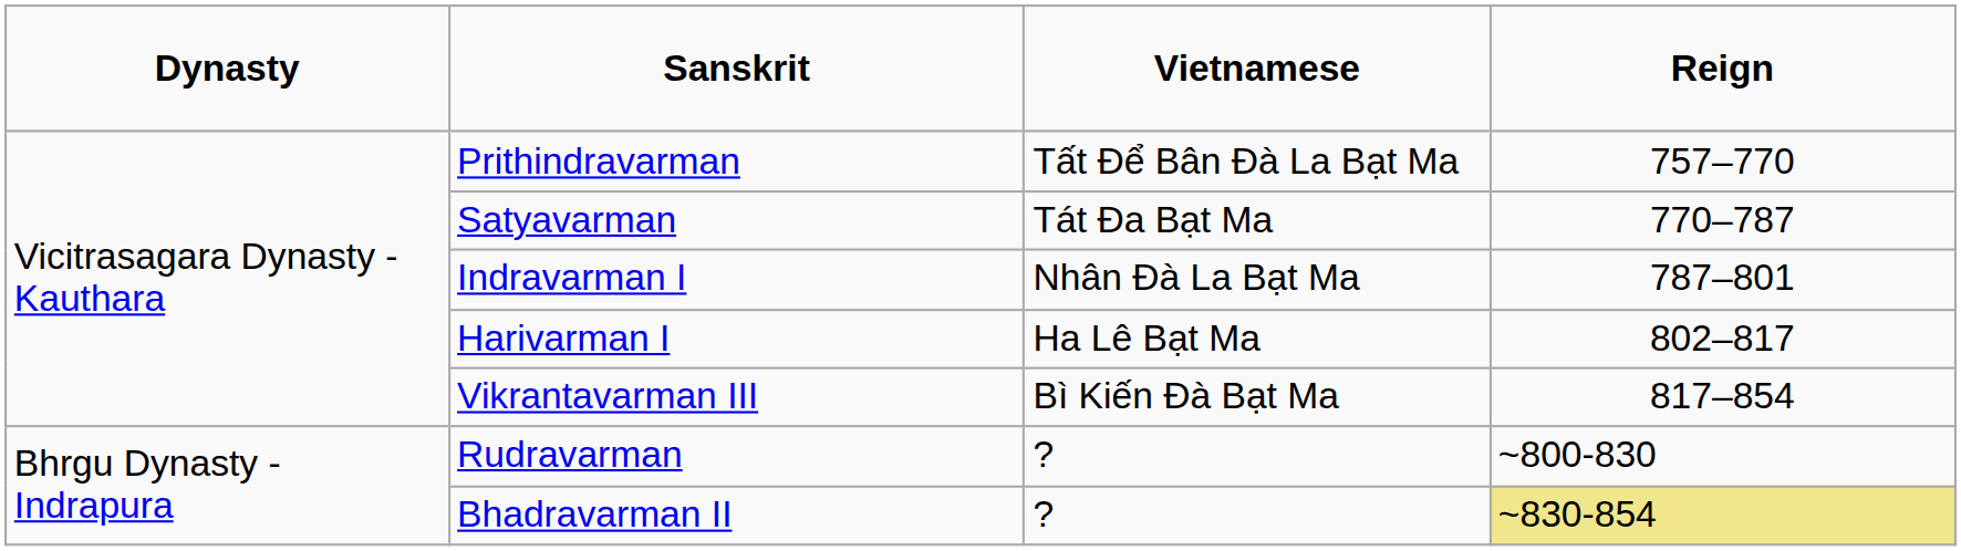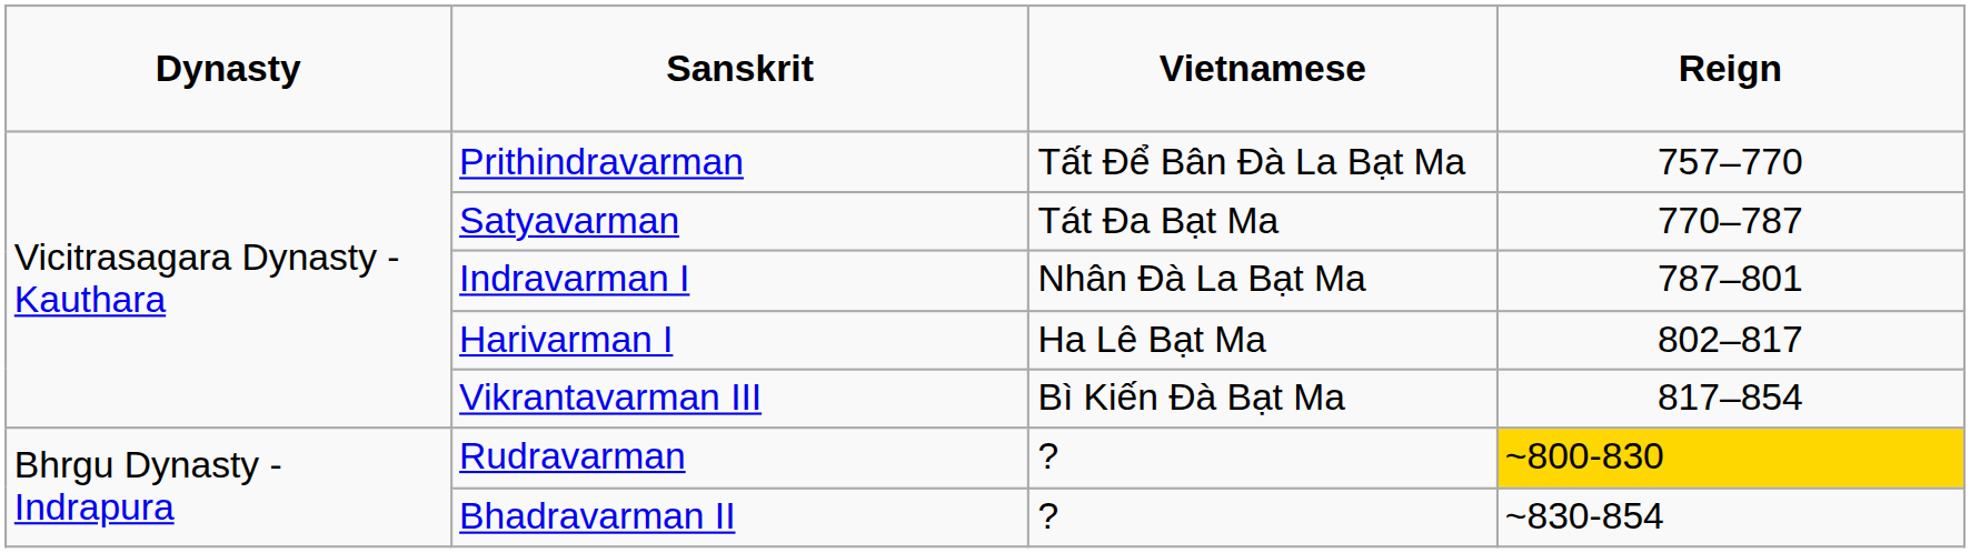 <table class="wikitable" style="border-collapse: collapse" width="95%" border="1" cellpadding="2">
 <tr>
 <td width="20%" height="47" align="center" valign="middle"><span><strong>Dynasty</strong></span></td>
 <td width="26%" height="47" align="center"><span><strong>Sanskrit</strong></span></td>
 <td width="21%" height="47" align="center"><span><strong>Vietnamese</strong></span></td>
 <td width="21%" height="47" align="center"><span><strong>Reign</strong></span></td>
 </tr>
 <tr>
 <td rowspan="5" valign="middle">Vicitrasagara Dynasty - <a href='#'>Kauthara</a></td>
 <td><a href='#'>Prithindravarman</a></td>
 <td>Tất Để Bân Đà La Bạt Ma</td>
 <td align="center">757–770</td>
 </tr>
 <tr>
 <td><a href='#'>Satyavarman</a></td>
 <td>Tát Đa Bạt Ma</td>
 <td align="center">770–787</td>
 </tr>
 <tr>
 <td><a href='#'>Indravarman I</a></td>
 <td>Nhân Đà La Bạt Ma</td>
 <td align="center">787–801</td>
 </tr>
 <tr>
 <td><a href='#'>Harivarman I</a></td>
 <td>Ha Lê Bạt Ma</td>
 <td align="center">802–817</td>
 </tr>
 <tr>
 <td><a href='#'>Vikrantavarman III</a></td>
 <td>Bì Kiến Đà Bạt Ma</td>
 <td align="center">817–854</td>
 </tr>
 <tr>
 <td rowspan="2" valign="middle">Bhrgu Dynasty - <a href='#'>Indrapura</a></td>
 <td><a href='#'>Rudravarman</a></td>
 <td>?</td>
-<td>~800-830</td>
+<td style="background: gold;">~800-830</td>
 </tr>
 <tr>
 <td><a href='#'>Bhadravarman II</a></td>
 <td>?</td>
-<td style="background: khaki;">~830-854</td>
+<td>~830-854</td>
 </tr>
 </table>
